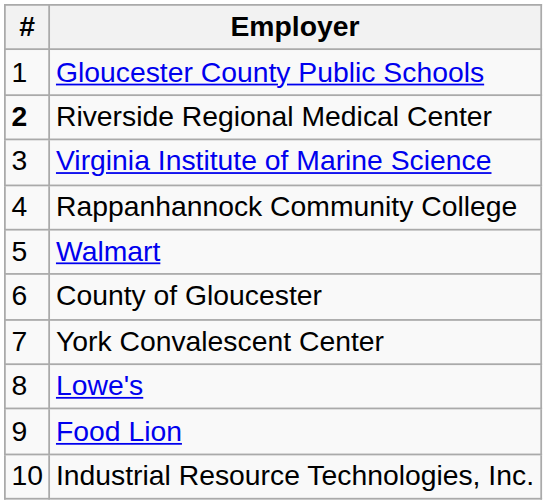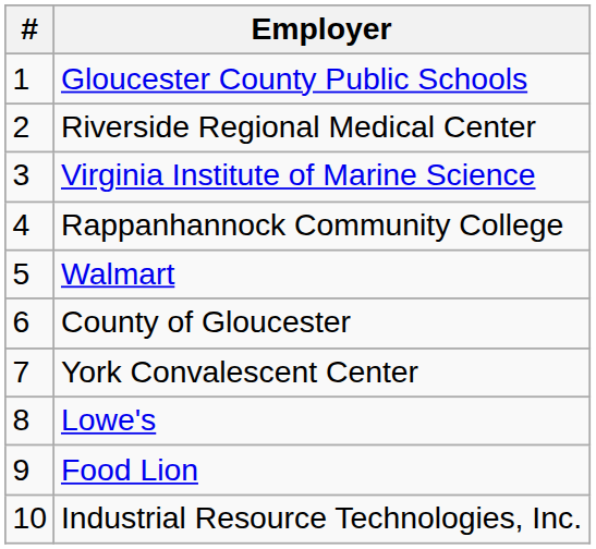 <table class="wikitable">
 <tr>
 <th>#</th>
 <th>Employer</th>
 </tr>
 <tr>
 <td>1</td>
 <td><a href='#'>Gloucester County Public Schools</a></td>
 </tr>
 <tr>
-<td><strong>2</strong></td>
+<td>2</td>
 <td>Riverside Regional Medical Center</td>
 </tr>
 <tr>
 <td>3</td>
 <td><a href='#'>Virginia Institute of Marine Science</a></td>
 </tr>
 <tr>
 <td>4</td>
 <td>Rappanhannock Community College</td>
 </tr>
 <tr>
 <td>5</td>
 <td><a href='#'>Walmart</a></td>
 </tr>
 <tr>
 <td>6</td>
 <td>County of Gloucester</td>
 </tr>
 <tr>
 <td>7</td>
 <td>York Convalescent Center</td>
 </tr>
 <tr>
 <td>8</td>
 <td><a href='#'>Lowe's</a></td>
 </tr>
 <tr>
 <td>9</td>
 <td><a href='#'>Food Lion</a></td>
 </tr>
 <tr>
 <td>10</td>
 <td>Industrial Resource Technologies, Inc.</td>
 </tr>
 </table>
